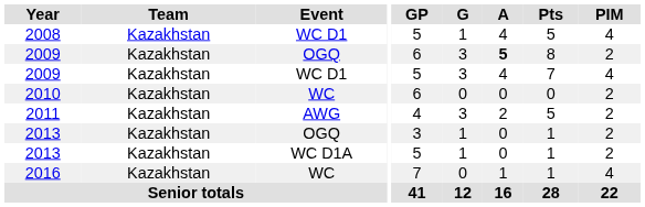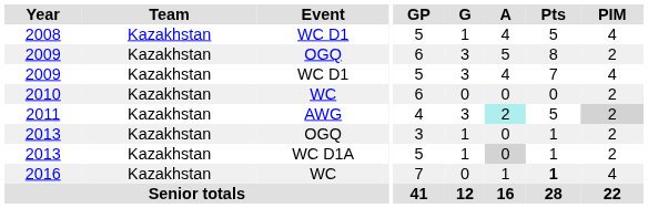 <table border="0" cellpadding="1" cellspacing="0" ID="Table3" style="text-align:center; width:40em">
 <tr ALIGN="center" bgcolor="#e0e0e0">
 <th>Year</th>
 <th>Team</th>
 <th>Event</th>
 <th rowspan="99" bgcolor="#ffffff"></th>
 <th>GP</th>
 <th>G</th>
 <th>A</th>
 <th>Pts</th>
 <th>PIM</th>
 </tr>
 <tr>
 <td><a href='#'>2008</a></td>
 <td><a href='#'>Kazakhstan</a></td>
 <td><a href='#'>WC D1</a></td>
 <td>5</td>
 <td>1</td>
 <td>4</td>
 <td>5</td>
 <td>4</td>
 </tr>
 <tr bgcolor="#f0f0f0">
 <td><a href='#'>2009</a></td>
 <td>Kazakhstan</td>
 <td><a href='#'>OGQ</a></td>
 <td>6</td>
 <td>3</td>
-<td><strong>5</strong></td>
+<td>5</td>
 <td>8</td>
 <td>2</td>
 </tr>
 <tr>
 <td><a href='#'>2009</a></td>
 <td>Kazakhstan</td>
 <td>WC D1</td>
 <td>5</td>
 <td>3</td>
 <td>4</td>
 <td>7</td>
 <td>4</td>
 </tr>
 <tr bgcolor="#f0f0f0">
 <td><a href='#'>2010</a></td>
 <td>Kazakhstan</td>
 <td><a href='#'>WC</a></td>
 <td>6</td>
 <td>0</td>
 <td>0</td>
 <td>0</td>
 <td>2</td>
 </tr>
 <tr>
 <td><a href='#'>2011</a></td>
 <td>Kazakhstan</td>
 <td><a href='#'>AWG</a></td>
 <td>4</td>
 <td>3</td>
-<td>2</td>
+<td style="background: paleturquoise;">2</td>
 <td>5</td>
-<td>2</td>
+<td style="background: lightgrey;">2</td>
 </tr>
 <tr bgcolor="#f0f0f0">
 <td><a href='#'>2013</a></td>
 <td>Kazakhstan</td>
 <td>OGQ</td>
 <td>3</td>
 <td>1</td>
 <td>0</td>
 <td>1</td>
 <td>2</td>
 </tr>
 <tr>
 <td><a href='#'>2013</a></td>
 <td>Kazakhstan</td>
 <td>WC D1A</td>
 <td>5</td>
 <td>1</td>
-<td>0</td>
+<td style="background: lightgrey;">0</td>
 <td>1</td>
 <td>2</td>
 </tr>
 <tr bgcolor="#f0f0f0">
 <td><a href='#'>2016</a></td>
 <td>Kazakhstan</td>
 <td>WC</td>
 <td>7</td>
 <td>0</td>
 <td>1</td>
-<td>1</td>
+<td><strong>1</strong></td>
 <td>4</td>
 </tr>
 <tr bgcolor="#e0e0e0">
 <th colspan="3">Senior totals</th>
 <th>41</th>
 <th>12</th>
 <th>16</th>
 <th>28</th>
 <th>22</th>
 </tr>
 </table>
